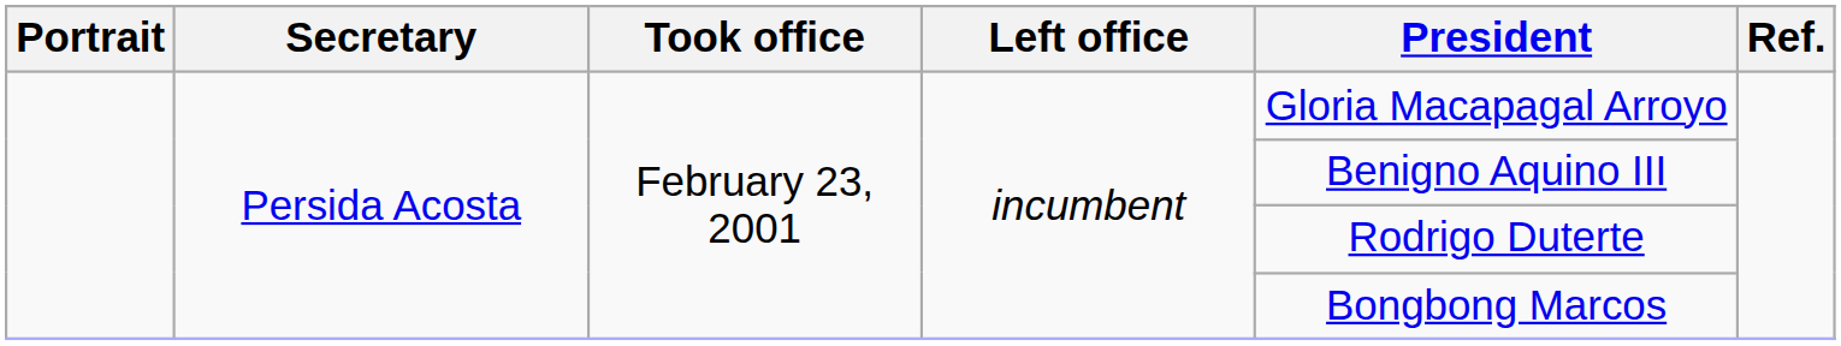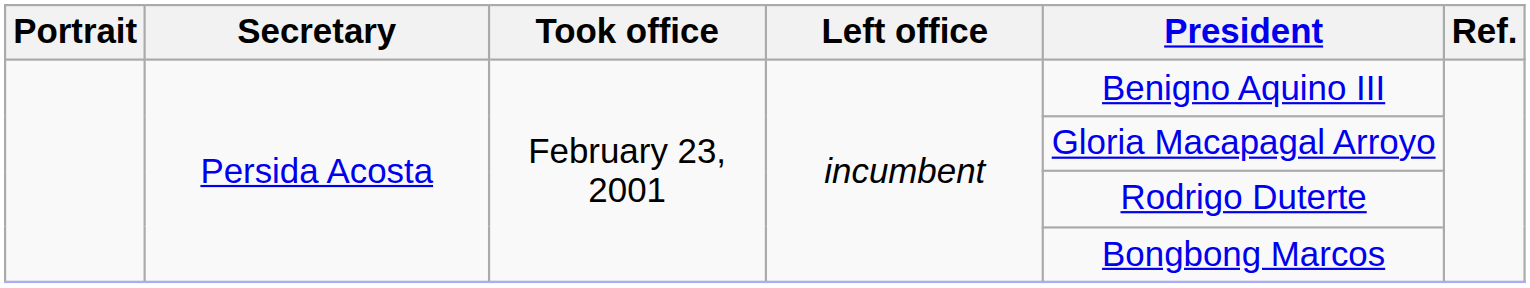 <table class="wikitable" style="text-align:center; border:1px #aaf solid;">
 <tr>
 <th>Portrait</th>
 <th width="150px">Secretary</th>
 <th width="120px">Took office</th>
 <th width="120px">Left office</th>
 <th><a href='#'>President</a></th>
 <th>Ref.</th>
 </tr>
 <tr>
 <td rowspan="4"></td>
 <td rowspan="4"><a href='#'>Persida Acosta</a></td>
 <td rowspan="4">February 23, 2001</td>
 <td rowspan="4"><em>incumbent</em></td>
-<td><a href='#'>Gloria Macapagal Arroyo</a></td>
+<td><a href='#'>Benigno Aquino III</a></td>
 <td rowspan="4"></td>
 </tr>
 <tr>
-<td><a href='#'>Benigno Aquino III</a></td>
+<td><a href='#'>Gloria Macapagal Arroyo</a></td>
 </tr>
 <tr>
 <td><a href='#'>Rodrigo Duterte</a></td>
 </tr>
 <tr>
 <td><a href='#'>Bongbong Marcos</a></td>
 </tr>
 <tr>
 </tr>
 </table>
